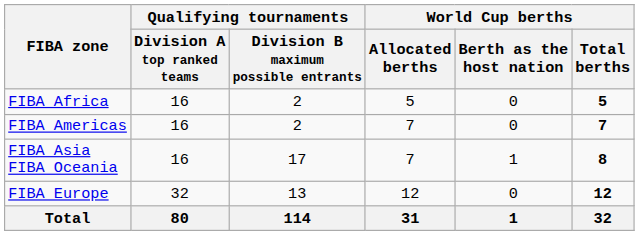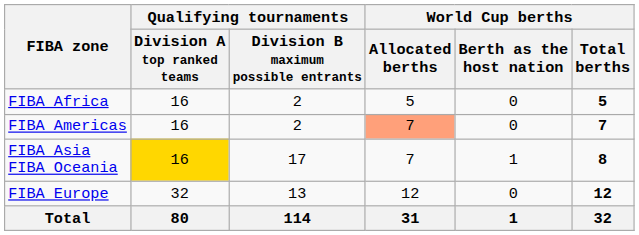 <table class=wikitable style="text-align:center;">
 <tr>
 <th rowspan=2>FIBA zone</th>
 <th colspan=2>Qualifying tournaments</th>
 <th colspan=3>World Cup berths</th>
 </tr>
 <tr>
 <th>Division A<br><small>top ranked<br>teams</small></th>
 <th>Division B<br><small>maximum <br>possible entrants</small></th>
 <th>Allocated<br>berths</th>
 <th>Berth as the<br>host nation</th>
 <th>Total<br>berths</th>
 </tr>
 <tr>
 <td align=left><a href='#'>FIBA Africa</a></td>
 <td>16</td>
 <td>2</td>
 <td>5</td>
 <td>0</td>
 <td><strong>5</strong></td>
 </tr>
 <tr>
 <td align=left><a href='#'>FIBA Americas</a></td>
 <td>16</td>
 <td>2</td>
-<td>7</td>
+<td style="background: lightsalmon;">7</td>
 <td>0</td>
 <td><strong>7</strong></td>
 </tr>
 <tr>
 <td align=left><a href='#'>FIBA Asia</a><br><a href='#'>FIBA Oceania</a></td>
-<td>16</td>
+<td style="background: gold;">16</td>
 <td>17</td>
 <td>7</td>
 <td>1</td>
 <td><strong>8</strong></td>
 </tr>
 <tr>
 <td align=left><a href='#'>FIBA Europe</a></td>
 <td>32</td>
 <td>13</td>
 <td>12</td>
 <td>0</td>
 <td><strong>12</strong></td>
 </tr>
 <tr>
 <th>Total</th>
 <th>80</th>
 <th>114</th>
 <th>31</th>
 <th>1</th>
 <th>32</th>
 </tr>
 </table>
